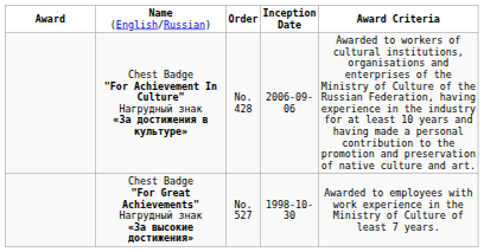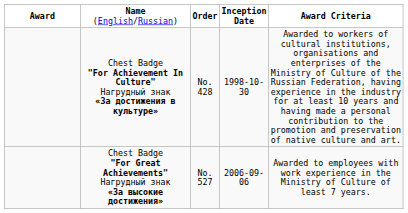 <table class="wikitable sortable" width="100%">
 <tr>
 <td width="20%" bgcolor="#FFFFFF" style="text-align:center;"><strong>Award</strong></td>
 <td width="28%" bgcolor="#FFFFFF" style="text-align:center;"><strong>Name</strong> (<a href='#'>English</a>/<a href='#'>Russian</a>)</td>
 <td width="07%" bgcolor="#FFFFFF" style="text-align:center;"><strong>Order</strong></td>
 <td width="10%" bgcolor="#FFFFFF" style="text-align:center;"><strong>Inception Date</strong></td>
 <td width="35%" bgcolor="#FFFFFF" style="text-align:center;"><strong>Award Criteria</strong></td>
 </tr>
 <tr>
 <td></td>
 <td style="text-align:center;">Chest Badge<br><strong>"For Achievement In Culture"</strong><br>Нагрудный знак<br><strong>«За достижения в культуре»</strong></td>
 <td style="text-align:center;">No. 428</td>
-<td style="text-align:center;">2006-09-06</td>
+<td style="text-align:center;">1998-10-30</td>
 <td style="text-align:center;">Awarded to workers of cultural institutions, organisations and enterprises of the Ministry of Culture of the Russian Federation, having experience in the industry for at least 10 years and having made a personal contribution to the promotion and preservation of native culture and art.</td>
 </tr>
 <tr>
 <td></td>
 <td style="text-align:center;">Chest Badge<br><strong>"For Great Achievements"</strong><br>Нагрудный знак<br><strong>«За высокие достижения»</strong></td>
 <td style="text-align:center;">No. 527</td>
-<td style="text-align:center;">1998-10-30</td>
+<td style="text-align:center;">2006-09-06</td>
 <td style="text-align:center;">Awarded to employees with work experience in the Ministry of Culture of least 7 years.</td>
 </tr>
 </table>
